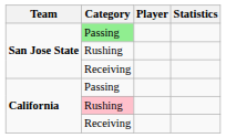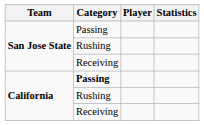 <table class="wikitable" style="float: right;">
 <tr>
 <th>Team</th>
 <th>Category</th>
 <th>Player</th>
 <th>Statistics</th>
 </tr>
 <tr>
 <td rowspan=3><strong>San Jose State</strong></td>
-<td style="background: lightgreen;">Passing</td>
+<td>Passing</td>
 <td></td>
 <td></td>
 </tr>
 <tr>
 <td>Rushing</td>
 <td></td>
 <td></td>
 </tr>
 <tr>
 <td>Receiving</td>
 <td></td>
 <td></td>
 </tr>
 <tr>
 <td rowspan=3><strong>California</strong></td>
-<td>Passing</td>
+<td><strong>Passing</strong></td>
 <td></td>
 <td></td>
 </tr>
 <tr>
-<td style="background: pink;">Rushing</td>
+<td>Rushing</td>
 <td></td>
 <td></td>
 </tr>
 <tr>
 <td>Receiving</td>
 <td></td>
 <td></td>
 </tr>
 </table>
